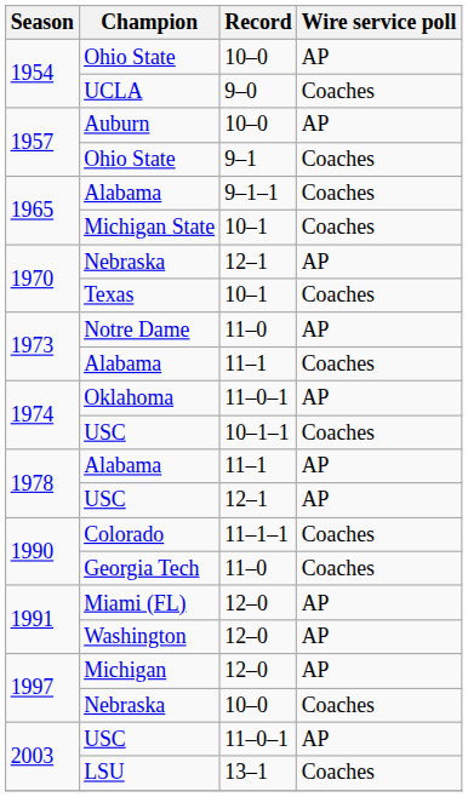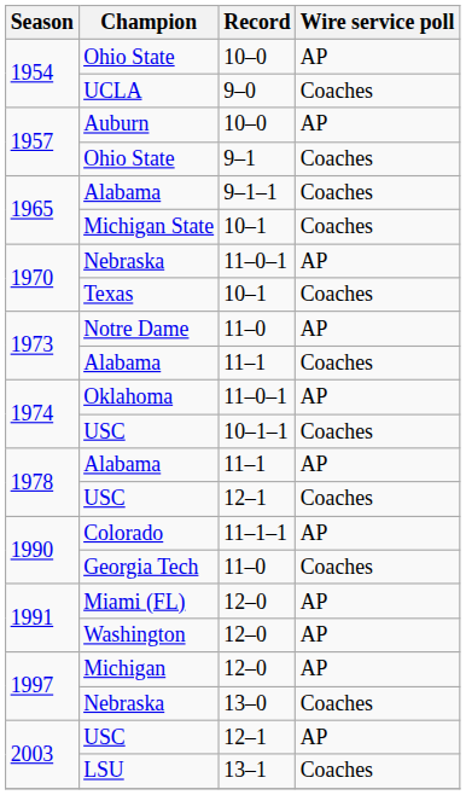 <table class="wikitable">
 <tr>
 <th width=px>Season</th>
 <th width=px>Champion</th>
 <th width=px>Record</th>
 <th width=px>Wire service poll</th>
 </tr>
 <tr>
 <td rowspan="2"><a href='#'>1954</a></td>
 <td><a href='#'>Ohio State</a></td>
 <td>10–0</td>
 <td>AP</td>
 </tr>
 <tr>
 <td><a href='#'>UCLA</a></td>
 <td>9–0</td>
 <td>Coaches</td>
 </tr>
 <tr>
 <td rowspan="2"><a href='#'>1957</a></td>
 <td><a href='#'>Auburn</a></td>
 <td>10–0</td>
 <td>AP</td>
 </tr>
 <tr>
 <td><a href='#'>Ohio State</a></td>
 <td>9–1</td>
 <td>Coaches</td>
 </tr>
 <tr>
 <td rowspan="2"><a href='#'>1965</a></td>
 <td><a href='#'>Alabama</a></td>
 <td>9–1–1</td>
 <td>Coaches</td>
 </tr>
 <tr>
 <td><a href='#'>Michigan State</a></td>
 <td>10–1</td>
 <td>Coaches</td>
 </tr>
 <tr>
 <td rowspan="2"><a href='#'>1970</a></td>
 <td><a href='#'>Nebraska</a></td>
-<td>12–1</td>
+<td>11–0–1</td>
 <td>AP</td>
 </tr>
 <tr>
 <td><a href='#'>Texas</a></td>
 <td>10–1</td>
 <td>Coaches</td>
 </tr>
 <tr>
 <td rowspan="2"><a href='#'>1973</a></td>
 <td><a href='#'>Notre Dame</a></td>
 <td>11–0</td>
 <td>AP</td>
 </tr>
 <tr>
 <td><a href='#'>Alabama</a></td>
 <td>11–1</td>
 <td>Coaches</td>
 </tr>
 <tr>
 <td rowspan="2"><a href='#'>1974</a></td>
 <td><a href='#'>Oklahoma</a></td>
 <td>11–0–1</td>
 <td>AP</td>
 </tr>
 <tr>
 <td><a href='#'>USC</a></td>
 <td>10–1–1</td>
 <td>Coaches</td>
 </tr>
 <tr>
 <td rowspan="2"><a href='#'>1978</a></td>
 <td><a href='#'>Alabama</a></td>
 <td>11–1</td>
 <td>AP</td>
 </tr>
 <tr>
 <td><a href='#'>USC</a></td>
 <td>12–1</td>
-<td>AP</td>
+<td>Coaches</td>
 </tr>
 <tr>
 <td rowspan="2"><a href='#'>1990</a></td>
 <td><a href='#'>Colorado</a></td>
 <td>11–1–1</td>
-<td>Coaches</td>
+<td>AP</td>
 </tr>
 <tr>
 <td><a href='#'>Georgia Tech</a></td>
 <td>11–0</td>
 <td>Coaches</td>
 </tr>
 <tr>
 <td rowspan="2"><a href='#'>1991</a></td>
 <td><a href='#'>Miami (FL)</a></td>
 <td>12–0</td>
 <td>AP</td>
 </tr>
 <tr>
 <td><a href='#'>Washington</a></td>
 <td>12–0</td>
 <td>AP</td>
 </tr>
 <tr>
 <td rowspan="2"><a href='#'>1997</a></td>
 <td><a href='#'>Michigan</a></td>
 <td>12–0</td>
 <td>AP</td>
 </tr>
 <tr>
 <td><a href='#'>Nebraska</a></td>
-<td>10–0</td>
+<td>13–0</td>
 <td>Coaches</td>
 </tr>
 <tr>
 <td rowspan="2"><a href='#'>2003</a></td>
 <td><a href='#'>USC</a></td>
-<td>11–0–1</td>
+<td>12–1</td>
 <td>AP</td>
 </tr>
 <tr>
 <td><a href='#'>LSU</a></td>
 <td>13–1</td>
 <td>Coaches</td>
 </tr>
 <tr>
 </tr>
 </table>
